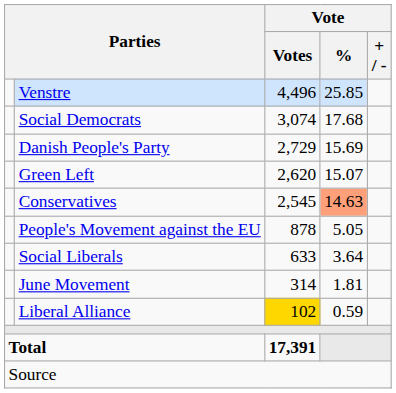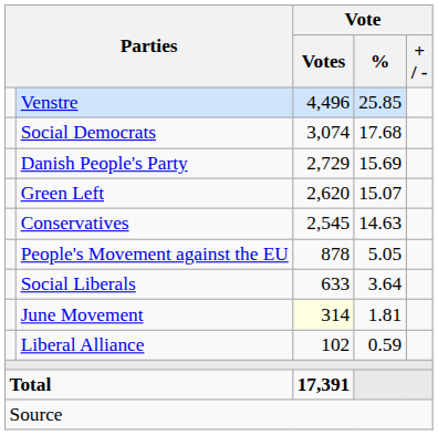 <table class="wikitable" style="text-align:right;">
 <tr>
 <th style="text-align:centre;" rowspan="2" colspan="2" width="225">Parties</th>
 <th colspan="3">Vote</th>
 </tr>
 <tr>
 <th width="15">Votes</th>
 <th width="15">%</th>
 <th width="15">+ / -</th>
 </tr>
 <tr>
 <td width="2" style="color:inherit;background:"></td>
 <td bgcolor=#cfe5fe   align="left"><a href='#'>Venstre</a></td>
 <td bgcolor=#cfe5fe>4,496</td>
 <td bgcolor=#cfe5fe>25.85</td>
 <td></td>
 </tr>
 <tr>
 <td width="2" style="color:inherit;background:"></td>
 <td align="left"><a href='#'>Social Democrats</a></td>
 <td>3,074</td>
 <td>17.68</td>
 <td></td>
 </tr>
 <tr>
 <td width="2" style="color:inherit;background:"></td>
 <td align="left"><a href='#'>Danish People's Party</a></td>
 <td>2,729</td>
 <td>15.69</td>
 <td></td>
 </tr>
 <tr>
 <td width="2" style="color:inherit;background:"></td>
 <td align="left"><a href='#'>Green Left</a></td>
 <td>2,620</td>
 <td>15.07</td>
 <td></td>
 </tr>
 <tr>
 <td width="2" style="color:inherit;background:"></td>
 <td align="left"><a href='#'>Conservatives</a></td>
 <td>2,545</td>
-<td style="background: lightsalmon;">14.63</td>
+<td>14.63</td>
 <td></td>
 </tr>
 <tr>
 <td width="2" style="color:inherit;background:"></td>
 <td align="left"><a href='#'>People's Movement against the EU</a></td>
 <td>878</td>
 <td>5.05</td>
 <td></td>
 </tr>
 <tr>
 <td width="2" style="color:inherit;background:"></td>
 <td align="left"><a href='#'>Social Liberals</a></td>
 <td>633</td>
 <td>3.64</td>
 <td></td>
 </tr>
 <tr>
 <td width="2" style="color:inherit;background:"></td>
 <td align="left"><a href='#'>June Movement</a></td>
-<td>314</td>
+<td style="background: lightyellow;">314</td>
 <td>1.81</td>
 <td></td>
 </tr>
 <tr>
 <td width="2" style="color:inherit;background:"></td>
 <td align="left"><a href='#'>Liberal Alliance</a></td>
-<td style="background: gold;">102</td>
+<td>102</td>
 <td>0.59</td>
 <td></td>
 </tr>
 <tr>
 <td colspan="7" bgcolor="#E9E9E9"></td>
 </tr>
 <tr>
 <td align="left" colspan="2"><strong>Total</strong></td>
 <td><strong>17,391</strong></td>
 <td bgcolor="#E9E9E9" colspan="2"></td>
 </tr>
 <tr>
 <td align="left" colspan="6">Source</td>
 </tr>
 </table>
